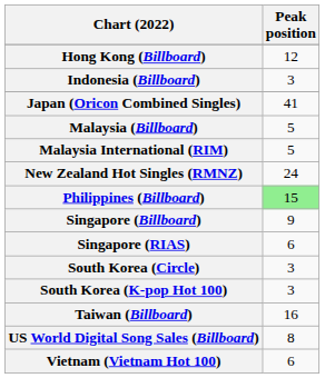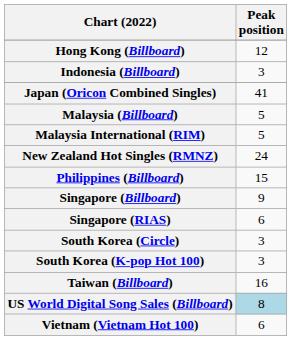 <table class="wikitable sortable plainrowheaders" style="text-align:center">
 <tr>
 <th scope="col">Chart (2022)</th>
 <th scope="col">Peak<br>position</th>
 </tr>
 <tr>
 </tr>
 <tr>
 <th scope="row">Hong Kong (<em><a href='#'>Billboard</a></em>)</th>
 <td>12</td>
 </tr>
 <tr>
 <th scope="row">Indonesia (<em><a href='#'>Billboard</a></em>)</th>
 <td>3</td>
 </tr>
 <tr>
 </tr>
 <tr>
 <th scope="row">Japan (<a href='#'>Oricon</a> Combined Singles)</th>
 <td>41</td>
 </tr>
 <tr>
 <th scope="row">Malaysia (<em><a href='#'>Billboard</a></em>)</th>
 <td>5</td>
 </tr>
 <tr>
 <th scope="row">Malaysia International (<a href='#'>RIM</a>)</th>
 <td>5</td>
 </tr>
 <tr>
 <th scope="row">New Zealand Hot Singles (<a href='#'>RMNZ</a>)</th>
 <td>24</td>
 </tr>
 <tr>
 <th scope="row"><a href='#'>Philippines</a> (<em><a href='#'>Billboard</a></em>)</th>
-<td style="background: lightgreen;">15</td>
+<td>15</td>
 </tr>
 <tr>
 <th scope="row">Singapore (<em><a href='#'>Billboard</a></em>)</th>
 <td>9</td>
 </tr>
 <tr>
 <th scope="row">Singapore (<a href='#'>RIAS</a>)</th>
 <td>6</td>
 </tr>
 <tr>
 <th scope="row">South Korea (<a href='#'>Circle</a>)</th>
 <td>3</td>
 </tr>
 <tr>
 <th scope="row">South Korea (<a href='#'>K-pop Hot 100</a>)</th>
 <td>3</td>
 </tr>
 <tr>
 <th scope="row">Taiwan (<em><a href='#'>Billboard</a></em>)</th>
 <td>16</td>
 </tr>
 <tr>
 <th scope="row">US <a href='#'>World Digital Song Sales</a> (<em><a href='#'>Billboard</a></em>)</th>
-<td>8</td>
+<td style="background: lightblue;">8</td>
 </tr>
 <tr>
 <th scope="row">Vietnam (<a href='#'>Vietnam Hot 100</a>)</th>
 <td>6</td>
 </tr>
 </table>
